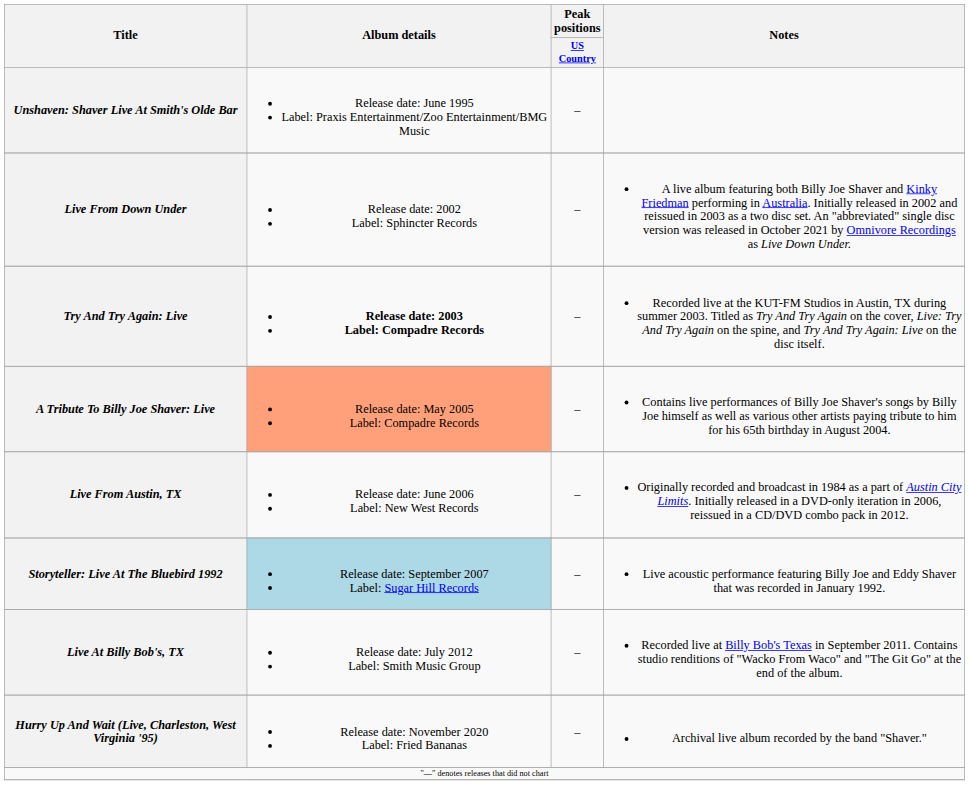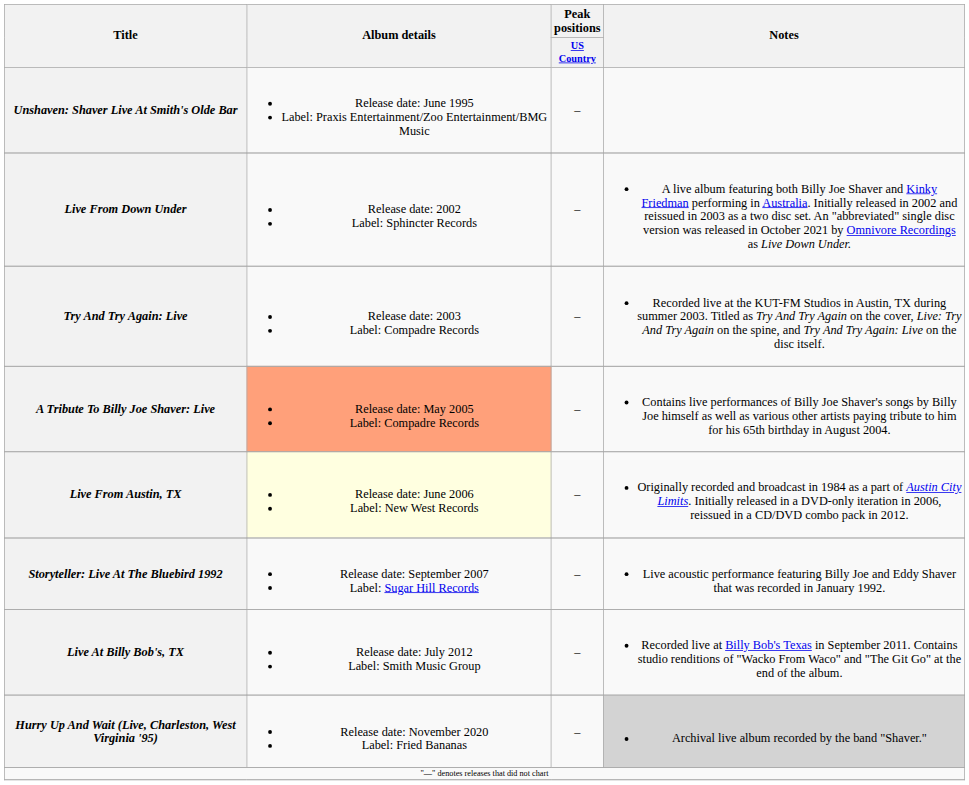 <table class="wikitable plainrowheaders" style="text-align:center;">
 <tr>
 <th rowspan="2" style="width:20em;">Title</th>
 <th rowspan="2" style="width:25em;">Album details</th>
 <th>Peak positions</th>
 <th rowspan="2" style="width:30em;">Notes</th>
 </tr>
 <tr style="font-size:smaller;">
 <th style="width:45px;"><a href='#'>US Country</a></th>
 </tr>
 <tr>
 <th scope="row"><em>Unshaven: Shaver Live At Smith's Olde Bar</em></th>
 <td><br><ul><li>Release date: June 1995</li><li>Label: Praxis Entertainment/Zoo Entertainment/BMG Music</li></ul></td>
 <td>–</td>
 <td></td>
 </tr>
 <tr>
 </tr>
 <tr>
 <th scope="row"><em>Live From Down Under</em></th>
 <td><br><ul><li>Release date: 2002</li><li>Label: Sphincter Records</li></ul></td>
 <td>–</td>
 <td><br><ul><li>A live album featuring both Billy Joe Shaver and <a href='#'>Kinky Friedman</a> performing in <a href='#'>Australia</a>.  Initially released in 2002 and reissued in 2003 as a two disc set.  An "abbreviated" single disc version was released in October 2021 by <a href='#'>Omnivore Recordings</a> as <em>Live Down Under.</em></li></ul></td>
 </tr>
 <tr>
 </tr>
 <tr>
 <th scope="row"><em>Try And Try Again: Live</em></th>
-<td><strong><br><ul><li>Release date: 2003</li><li>Label: Compadre Records</li></ul></strong></td>
+<td><br><ul><li>Release date: 2003</li><li>Label: Compadre Records</li></ul></td>
 <td>–</td>
 <td><br><ul><li>Recorded live at the KUT-FM Studios in Austin, TX during summer 2003.  Titled as <em>Try And Try Again</em> on the cover, <em>Live: Try And Try Again</em> on the spine, and <em>Try And Try Again: Live</em> on the disc itself.</li></ul></td>
 </tr>
 <tr>
 </tr>
 <tr>
 <th scope="row"><em>A Tribute To Billy Joe Shaver: Live</em></th>
 <td style="background: lightsalmon;"><br><ul><li>Release date: May 2005</li><li>Label: Compadre Records</li></ul></td>
 <td>–</td>
 <td><br><ul><li>Contains live performances of Billy Joe Shaver's songs by Billy Joe himself as well as various other artists paying tribute to him for his 65th birthday in August 2004.</li></ul></td>
 </tr>
 <tr>
 </tr>
 <tr>
 <th scope="row"><em>Live From Austin, TX</em></th>
-<td><br><ul><li>Release date: June 2006</li><li>Label: New West Records</li></ul></td>
+<td style="background: lightyellow;"><br><ul><li>Release date: June 2006</li><li>Label: New West Records</li></ul></td>
 <td>–</td>
 <td><br><ul><li>Originally recorded and broadcast in 1984 as a part of <em><a href='#'>Austin City Limits</a></em>.  Initially released in a DVD-only iteration in 2006, reissued in a CD/DVD combo pack in 2012.</li></ul></td>
 </tr>
 <tr>
 </tr>
 <tr>
 <th scope="row"><em>Storyteller: Live At The Bluebird 1992</em></th>
-<td style="background: lightblue;"><br><ul><li>Release date: September 2007</li><li>Label: <a href='#'>Sugar Hill Records</a></li></ul></td>
+<td><br><ul><li>Release date: September 2007</li><li>Label: <a href='#'>Sugar Hill Records</a></li></ul></td>
 <td>–</td>
 <td><br><ul><li>Live acoustic performance featuring Billy Joe and Eddy Shaver that was recorded in January 1992.</li></ul></td>
 </tr>
 <tr>
 </tr>
 <tr>
 <th scope="row"><em>Live At Billy Bob's, TX</em></th>
 <td><br><ul><li>Release date: July 2012</li><li>Label: Smith Music Group</li></ul></td>
 <td>–</td>
 <td><br><ul><li>Recorded live at <a href='#'>Billy Bob's Texas</a> in September 2011.  Contains studio renditions of "Wacko From Waco" and "The Git Go" at the end of the album.</li></ul></td>
 </tr>
 <tr>
 </tr>
 <tr>
 <th scope="row"><em>Hurry Up And Wait (Live, Charleston, West Virginia '95)</em></th>
 <td><br><ul><li>Release date: November 2020</li><li>Label: Fried Bananas</li></ul></td>
 <td>–</td>
-<td><br><ul><li>Archival live album recorded by the band "Shaver."</li></ul></td>
+<td style="background: lightgrey;"><br><ul><li>Archival live album recorded by the band "Shaver."</li></ul></td>
 </tr>
 <tr>
 </tr>
 <tr>
 <td colspan="8" style="font-size:8pt">"—" denotes releases that did not chart</td>
 </tr>
 <tr>
 </tr>
 </table>
